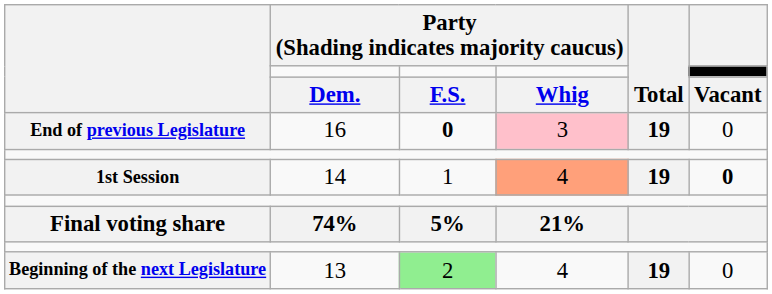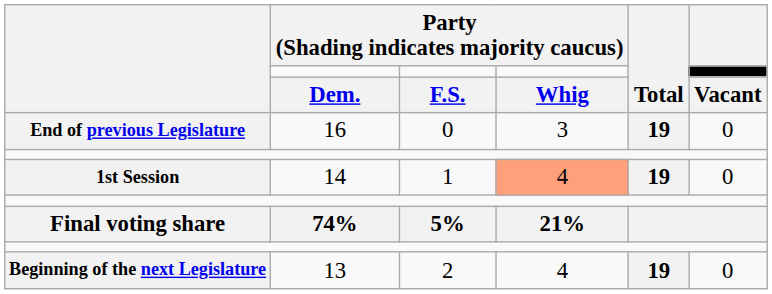 <table class=wikitable style="text-align:center">
 <tr style="vertical-align:bottom;">
 <th rowspan=3></th>
 <th colspan=3>Party <div>(Shading indicates majority caucus)</div></th>
 <th rowspan=3>Total</th>
 <th></th>
 </tr>
 <tr style="height:5px">
 <td style="background-color:"></td>
 <td style="background-color:"></td>
 <td style="background-color:"></td>
 <td style="background:black;"></td>
 </tr>
 <tr>
 <th><a href='#'>Dem.</a></th>
 <th><a href='#'>F.S.</a></th>
 <th><a href='#'>Whig</a></th>
 <th>Vacant</th>
 </tr>
 <tr>
 <th style="font-size:80%;">End of <a href='#'>previous Legislature</a></th>
 <td>16</td>
-<td><strong>0</strong></td>
-<td style="background: pink;">3</td>
+<td>0</td>
+<td>3</td>
 <th>19</th>
 <td>0</td>
 </tr>
 <tr>
 <td colspan=6></td>
 </tr>
 <tr>
 <th style="font-size:80%;">1st Session</th>
 <td>14</td>
 <td>1</td>
 <td style="background: lightsalmon;">4</td>
 <th>19</th>
-<td><strong>0</strong></td>
+<td>0</td>
 </tr>
 <tr>
 <td colspan=6></td>
 </tr>
 <tr>
 <th>Final voting share</th>
 <th>74%</th>
 <th>5%</th>
 <th>21%</th>
 <th colspan=2></th>
 </tr>
 <tr>
 <td colspan=6></td>
 </tr>
 <tr>
 <th style="font-size:80%;">Beginning of the <a href='#'>next Legislature</a></th>
 <td>13</td>
-<td style="background: lightgreen;">2</td>
+<td>2</td>
 <td>4</td>
 <th>19</th>
 <td>0</td>
 </tr>
 </table>
